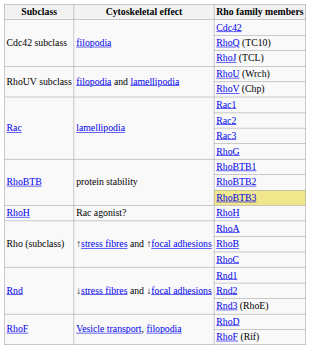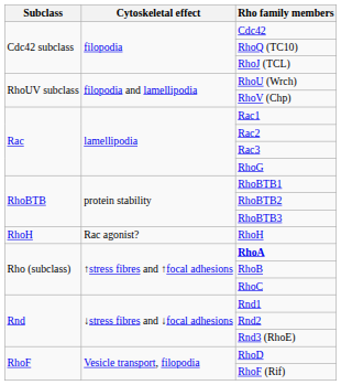 <table class="wikitable">
 <tr>
 <th>Subclass</th>
 <th>Cytoskeletal effect</th>
 <th>Rho family members</th>
 </tr>
 <tr>
 <td rowspan=3>Cdc42 subclass</td>
 <td rowspan=3><a href='#'>filopodia</a></td>
 <td><a href='#'>Cdc42</a></td>
 </tr>
 <tr>
 <td><a href='#'>RhoQ</a> (TC10)</td>
 </tr>
 <tr>
 <td><a href='#'>RhoJ</a> (TCL)</td>
 </tr>
 <tr>
 <td rowspan=2>RhoUV subclass</td>
 <td rowspan=2><a href='#'>filopodia</a> and <a href='#'>lamellipodia</a></td>
 <td><a href='#'>RhoU</a> (Wrch)</td>
 </tr>
 <tr>
 <td><a href='#'>RhoV</a> (Chp)</td>
 </tr>
 <tr>
 <td rowspan=4><a href='#'>Rac</a></td>
 <td rowspan=4><a href='#'>lamellipodia</a></td>
 <td><a href='#'>Rac1</a></td>
 </tr>
 <tr>
 <td><a href='#'>Rac2</a></td>
 </tr>
 <tr>
 <td><a href='#'>Rac3</a></td>
 </tr>
 <tr>
 <td><a href='#'>RhoG</a></td>
 </tr>
 <tr>
 <td rowspan=3><a href='#'>RhoBTB</a></td>
 <td rowspan=3>protein stability</td>
 <td><a href='#'>RhoBTB1</a></td>
 </tr>
 <tr>
 <td><a href='#'>RhoBTB2</a></td>
 </tr>
 <tr>
-<td style="background: khaki;"><a href='#'>RhoBTB3</a></td>
+<td><a href='#'>RhoBTB3</a></td>
 </tr>
 <tr>
 <td><a href='#'>RhoH</a></td>
 <td>Rac agonist?</td>
 <td><a href='#'>RhoH</a></td>
 </tr>
 <tr>
 <td rowspan=3>Rho (subclass)</td>
 <td rowspan=3>↑<a href='#'>stress fibres</a> and ↑<a href='#'>focal adhesions</a></td>
-<td><a href='#'>RhoA</a></td>
+<td><strong><a href='#'>RhoA</a></strong></td>
 </tr>
 <tr>
 <td><a href='#'>RhoB</a></td>
 </tr>
 <tr>
 <td><a href='#'>RhoC</a></td>
 </tr>
 <tr>
 <td rowspan=3><a href='#'>Rnd</a></td>
 <td rowspan=3>↓<a href='#'>stress fibres</a> and ↓<a href='#'>focal adhesions</a></td>
 <td><a href='#'>Rnd1</a></td>
 </tr>
 <tr>
 <td><a href='#'>Rnd2</a></td>
 </tr>
 <tr>
 <td><a href='#'>Rnd3</a> (RhoE)</td>
 </tr>
 <tr>
 <td rowspan=2><a href='#'>RhoF</a></td>
 <td rowspan=2><a href='#'>Vesicle transport</a>, <a href='#'>filopodia</a></td>
 <td><a href='#'>RhoD</a></td>
 </tr>
 <tr>
 <td><a href='#'>RhoF</a> (Rif)</td>
 </tr>
 </table>
